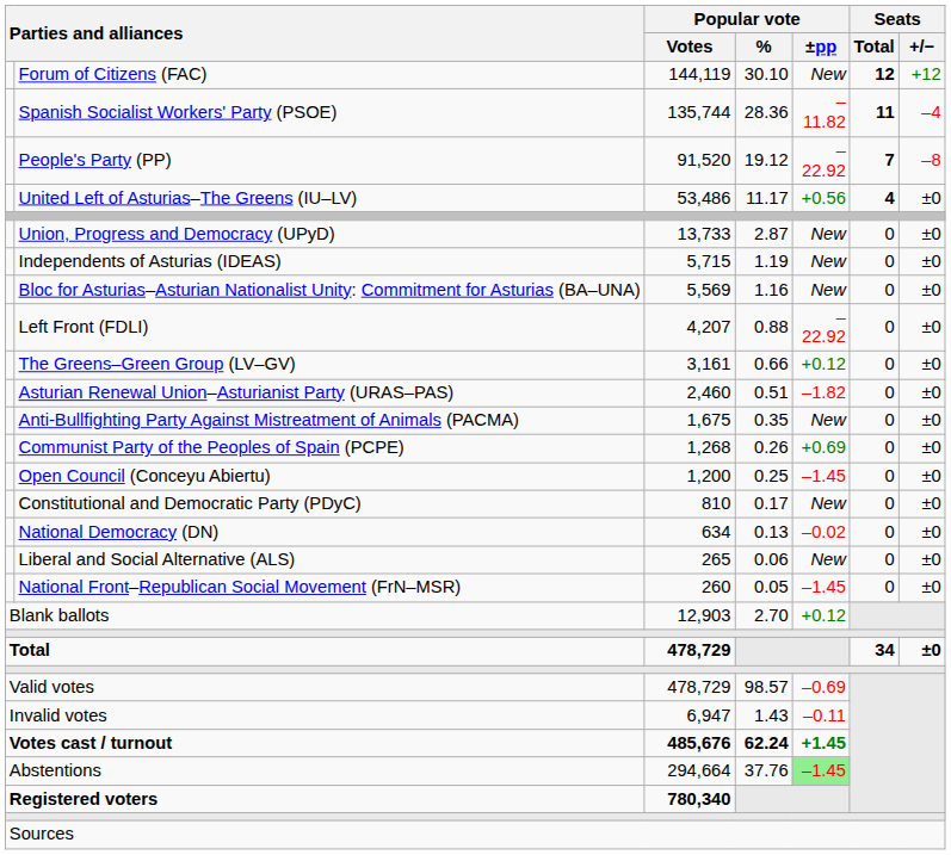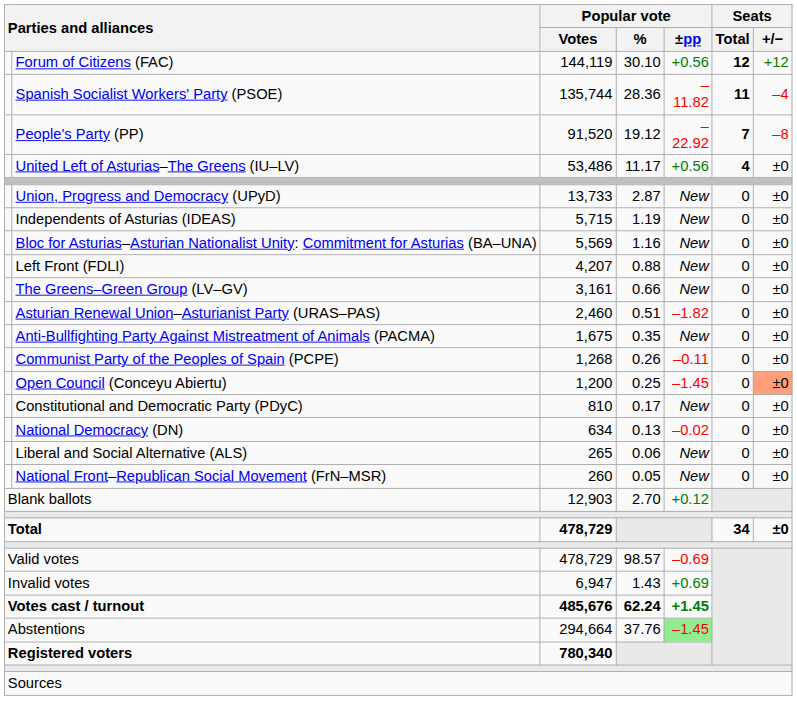 <table class="wikitable" style="text-align:right;">
 <tr>
 <th style="text-align:left;" rowspan="2" colspan="2" width="525">Parties and alliances</th>
 <th colspan="3">Popular vote</th>
 <th colspan="2">Seats</th>
 </tr>
 <tr>
 <th width="75">Votes</th>
 <th width="45">%</th>
 <th width="45">±<a href='#'>pp</a></th>
 <th width="35">Total</th>
 <th width="35">+/−</th>
 </tr>
 <tr>
 <td width="1" style="color:inherit;background:"></td>
 <td align="left"><a href='#'>Forum of Citizens</a> (FAC)</td>
 <td>144,119</td>
 <td>30.10</td>
-<td><em>New</em></td>
+<td style="color:green;">+0.56</td>
 <td><strong>12</strong></td>
 <td style="color:green;">+12</td>
 </tr>
 <tr>
 <td style="color:inherit;background:"></td>
 <td align="left"><a href='#'>Spanish Socialist Workers' Party</a> (PSOE)</td>
 <td>135,744</td>
 <td>28.36</td>
 <td style="color:red;">–11.82</td>
 <td><strong>11</strong></td>
 <td style="color:red;">–4</td>
 </tr>
 <tr>
 <td style="color:inherit;background:"></td>
 <td align="left"><a href='#'>People's Party</a> (PP)</td>
 <td>91,520</td>
 <td>19.12</td>
 <td style="color:red;">–22.92</td>
 <td><strong>7</strong></td>
 <td style="color:red;">–8</td>
 </tr>
 <tr>
 <td style="color:inherit;background:"></td>
 <td align="left"><a href='#'>United Left of Asturias</a>–<a href='#'>The Greens</a> (IU–LV)</td>
 <td>53,486</td>
 <td>11.17</td>
 <td style="color:green;">+0.56</td>
 <td><strong>4</strong></td>
 <td>±0</td>
 </tr>
 <tr>
 <td colspan="7" bgcolor="#C0C0C0"></td>
 </tr>
 <tr>
 <td style="color:inherit;background:"></td>
 <td align="left"><a href='#'>Union, Progress and Democracy</a> (UPyD)</td>
 <td>13,733</td>
 <td>2.87</td>
 <td><em>New</em></td>
 <td>0</td>
 <td>±0</td>
 </tr>
 <tr>
 <td style="color:inherit;background:"></td>
 <td align="left">Independents of Asturias (IDEAS)</td>
 <td>5,715</td>
 <td>1.19</td>
 <td><em>New</em></td>
 <td>0</td>
 <td>±0</td>
 </tr>
 <tr>
 <td style="color:inherit;background:"></td>
 <td align="left"><a href='#'>Bloc for Asturias</a>–<a href='#'>Asturian Nationalist Unity</a>: <a href='#'>Commitment for Asturias</a> (BA–UNA)</td>
 <td>5,569</td>
 <td>1.16</td>
 <td><em>New</em></td>
 <td>0</td>
 <td>±0</td>
 </tr>
 <tr>
 <td style="color:inherit;background:"></td>
 <td align="left">Left Front (FDLI)</td>
 <td>4,207</td>
 <td>0.88</td>
-<td style="color:red;">–22.92</td>
+<td><em>New</em></td>
 <td>0</td>
 <td>±0</td>
 </tr>
 <tr>
 <td style="color:inherit;background:"></td>
 <td align="left"><a href='#'>The Greens–Green Group</a> (LV–GV)</td>
 <td>3,161</td>
 <td>0.66</td>
-<td style="color:green;">+0.12</td>
+<td><em>New</em></td>
 <td>0</td>
 <td>±0</td>
 </tr>
 <tr>
 <td style="color:inherit;background:"></td>
 <td align="left"><a href='#'>Asturian Renewal Union</a>–<a href='#'>Asturianist Party</a> (URAS–PAS)</td>
 <td>2,460</td>
 <td>0.51</td>
 <td style="color:red;">–1.82</td>
 <td>0</td>
 <td>±0</td>
 </tr>
 <tr>
 <td style="color:inherit;background:"></td>
 <td align="left"><a href='#'>Anti-Bullfighting Party Against Mistreatment of Animals</a> (PACMA)</td>
 <td>1,675</td>
 <td>0.35</td>
 <td><em>New</em></td>
 <td>0</td>
 <td>±0</td>
 </tr>
 <tr>
 <td style="color:inherit;background:"></td>
 <td align="left"><a href='#'>Communist Party of the Peoples of Spain</a> (PCPE)</td>
 <td>1,268</td>
 <td>0.26</td>
-<td style="color:green;">+0.69</td>
+<td style="color:red;">–0.11</td>
 <td>0</td>
 <td>±0</td>
 </tr>
 <tr>
 <td style="color:inherit;background:"></td>
 <td align="left"><a href='#'>Open Council</a> (Conceyu Abiertu)</td>
 <td>1,200</td>
 <td>0.25</td>
 <td style="color:red;">–1.45</td>
 <td>0</td>
-<td>±0</td>
+<td style="background: lightsalmon;">±0</td>
 </tr>
 <tr>
 <td style="color:inherit;background:"></td>
 <td align="left">Constitutional and Democratic Party (PDyC)</td>
 <td>810</td>
 <td>0.17</td>
 <td><em>New</em></td>
 <td>0</td>
 <td>±0</td>
 </tr>
 <tr>
 <td style="color:inherit;background:"></td>
 <td align="left"><a href='#'>National Democracy</a> (DN)</td>
 <td>634</td>
 <td>0.13</td>
 <td style="color:red;">–0.02</td>
 <td>0</td>
 <td>±0</td>
 </tr>
 <tr>
 <td style="color:inherit;background:"></td>
 <td align="left">Liberal and Social Alternative (ALS)</td>
 <td>265</td>
 <td>0.06</td>
 <td><em>New</em></td>
 <td>0</td>
 <td>±0</td>
 </tr>
 <tr>
 <td style="color:inherit;background:"></td>
 <td align="left"><a href='#'>National Front</a>–<a href='#'>Republican Social Movement</a> (FrN–MSR)</td>
 <td>260</td>
 <td>0.05</td>
-<td style="color:red;">–1.45</td>
+<td><em>New</em></td>
 <td>0</td>
 <td>±0</td>
 </tr>
 <tr>
 <td align="left" colspan="2">Blank ballots</td>
 <td>12,903</td>
 <td>2.70</td>
 <td style="color:green;">+0.12</td>
 <td bgcolor="#E9E9E9" colspan="2"></td>
 </tr>
 <tr>
 <td colspan="7" bgcolor="#E9E9E9"></td>
 </tr>
 <tr style="font-weight:bold;">
 <td align="left" colspan="2">Total</td>
 <td>478,729</td>
 <td bgcolor="#E9E9E9" colspan="2"></td>
 <td>34</td>
 <td>±0</td>
 </tr>
 <tr>
 <td colspan="7" bgcolor="#E9E9E9"></td>
 </tr>
 <tr>
 <td align="left" colspan="2">Valid votes</td>
 <td>478,729</td>
 <td>98.57</td>
 <td style="color:red;">–0.69</td>
 <td bgcolor="#E9E9E9" colspan="2" rowspan="5"></td>
 </tr>
 <tr>
 <td align="left" colspan="2">Invalid votes</td>
 <td>6,947</td>
 <td>1.43</td>
-<td style="color:red;">–0.11</td>
+<td style="color:green;">+0.69</td>
 </tr>
 <tr style="font-weight:bold;">
 <td align="left" colspan="2">Votes cast / turnout</td>
 <td>485,676</td>
 <td>62.24</td>
 <td style="color:green;">+1.45</td>
 </tr>
 <tr>
 <td align="left" colspan="2">Abstentions</td>
 <td>294,664</td>
 <td>37.76</td>
 <td style="background: lightgreen; color:red;">–1.45</td>
 </tr>
 <tr style="font-weight:bold;">
 <td align="left" colspan="2">Registered voters</td>
 <td>780,340</td>
 <td bgcolor="#E9E9E9" colspan="2"></td>
 </tr>
 <tr>
 <td colspan="7" bgcolor="#E9E9E9"></td>
 </tr>
 <tr>
 <td align="left" colspan="7">Sources</td>
 </tr>
 </table>
